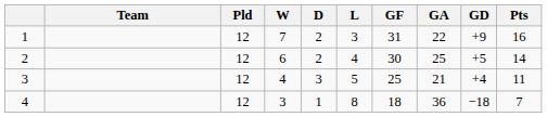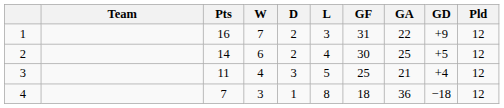 <table class="wikitable" style="text-align: center;">
 <tr>
 <th style="width: 40px;"></th>
 <th style="width: 200px;">Team</th>
-<th style="width: 45px;">Pld</th>
+<th style="width: 45px;">Pts</th>
 <th style="width: 35px;">W</th>
 <th style="width: 35px;">D</th>
 <th style="width: 35px;">L</th>
 <th style="width: 45px;">GF</th>
 <th style="width: 45px;">GA</th>
 <th style="width: 35px;">GD</th>
-<th style="width: 45px;">Pts</th>
+<th style="width: 45px;">Pld</th>
 </tr>
 <tr>
 <td>1</td>
 <td style="text-align: left;"></td>
-<td>12</td>
+<td>16</td>
 <td>7</td>
 <td>2</td>
 <td>3</td>
 <td>31</td>
 <td>22</td>
 <td>+9</td>
-<td>16</td>
+<td>12</td>
 </tr>
 <tr>
 <td>2</td>
 <td style="text-align: left;"></td>
-<td>12</td>
+<td>14</td>
 <td>6</td>
 <td>2</td>
 <td>4</td>
 <td>30</td>
 <td>25</td>
 <td>+5</td>
-<td>14</td>
+<td>12</td>
 </tr>
 <tr>
 <td>3</td>
 <td style="text-align: left;"></td>
-<td>12</td>
+<td>11</td>
 <td>4</td>
 <td>3</td>
 <td>5</td>
 <td>25</td>
 <td>21</td>
 <td>+4</td>
-<td>11</td>
+<td>12</td>
 </tr>
 <tr>
 <td>4</td>
 <td style="text-align: left;"></td>
-<td>12</td>
+<td>7</td>
 <td>3</td>
 <td>1</td>
 <td>8</td>
 <td>18</td>
 <td>36</td>
 <td>−18</td>
-<td>7</td>
+<td>12</td>
 </tr>
 </table>
